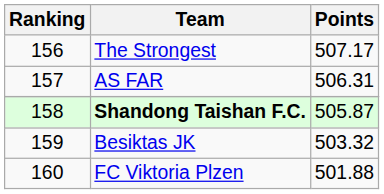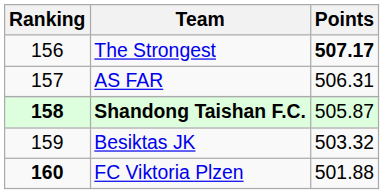 <table class="wikitable" style="text-align: center;">
 <tr>
 <th>Ranking</th>
 <th>Team</th>
 <th>Points</th>
 </tr>
 <tr>
 <td>156</td>
 <td align=left> <a href='#'>The Strongest</a></td>
-<td>507.17</td>
+<td><strong>507.17</strong></td>
 </tr>
 <tr>
 <td>157</td>
 <td align=left> <a href='#'>AS FAR</a></td>
 <td>506.31</td>
 </tr>
 <tr>
 </tr>
 <tr bgcolor="#ddffdd">
-<td>158</td>
+<td><strong>158</strong></td>
 <td align=left> <strong>Shandong Taishan F.C.</strong></td>
 <td>505.87</td>
 </tr>
 <tr>
 <td>159</td>
 <td align=left> <a href='#'>Besiktas JK</a></td>
 <td>503.32</td>
 </tr>
 <tr>
-<td>160</td>
+<td><strong>160</strong></td>
 <td align=left> <a href='#'>FC Viktoria Plzen</a></td>
 <td>501.88</td>
 </tr>
 </table>
